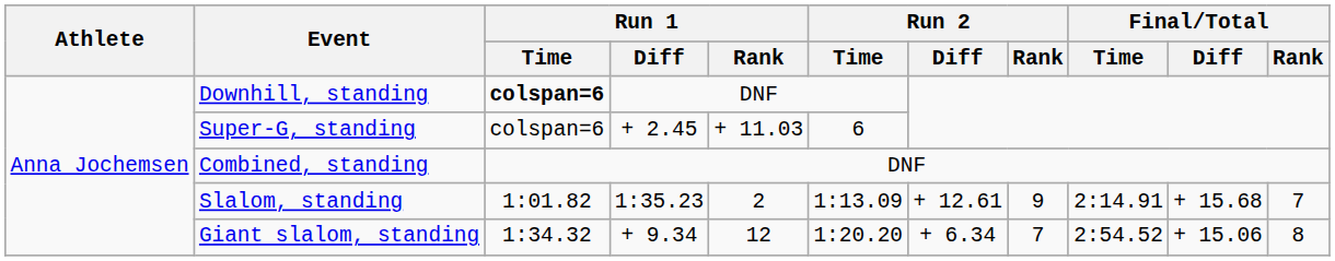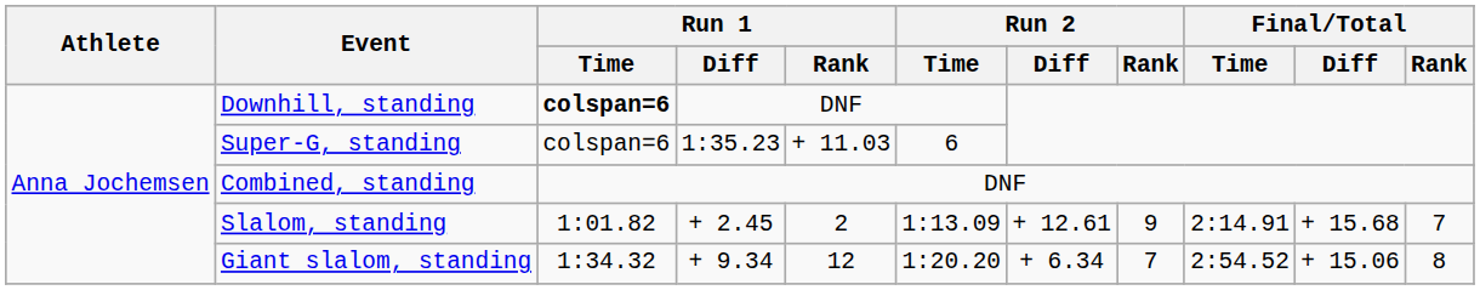 <table class="wikitable" style="font-size:90%">
 <tr>
 <th rowspan="2">Athlete</th>
 <th rowspan="2">Event</th>
 <th colspan="3">Run 1</th>
 <th colspan="3">Run 2</th>
 <th colspan="3">Final/Total</th>
 </tr>
 <tr>
 <th>Time</th>
 <th>Diff</th>
 <th>Rank</th>
 <th>Time</th>
 <th>Diff</th>
 <th>Rank</th>
 <th>Time</th>
 <th>Diff</th>
 <th>Rank</th>
 </tr>
 <tr>
 <td rowspan=5><a href='#'>Anna Jochemsen</a></td>
 <td><a href='#'>Downhill, standing</a></td>
 <td><strong>colspan=6 </strong></td>
 <td colspan="3" align="center">DNF</td>
 </tr>
 <tr>
 <td><a href='#'>Super-G, standing</a></td>
 <td>colspan=6 </td>
-<td align="center">+ 2.45</td>
+<td align="center">1:35.23</td>
 <td align="center">+ 11.03</td>
 <td align="center">6</td>
 </tr>
 <tr>
 <td><a href='#'>Combined, standing</a></td>
 <td colspan="9" align="center">DNF</td>
 </tr>
 <tr>
 <td><a href='#'>Slalom, standing</a></td>
 <td align="center">1:01.82</td>
-<td align="center">1:35.23</td>
+<td align="center">+ 2.45</td>
 <td align="center">2</td>
 <td align="center">1:13.09</td>
 <td align="center">+ 12.61</td>
 <td align="center">9</td>
 <td align="center">2:14.91</td>
 <td align="center">+ 15.68</td>
 <td align="center">7</td>
 </tr>
 <tr>
 <td><a href='#'>Giant slalom, standing</a></td>
 <td align="center">1:34.32</td>
 <td align="center">+ 9.34</td>
 <td align="center">12</td>
 <td align="center">1:20.20</td>
 <td align="center">+ 6.34</td>
 <td align="center">7</td>
 <td align="center">2:54.52</td>
 <td align="center">+ 15.06</td>
 <td align="center">8</td>
 </tr>
 </table>
